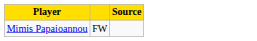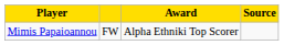 <table class="wikitable">
 <tr>
 <th style="background:#FFDE00">Player</th>
 <th style="background:#FFDE00"></th>
+<th style="background:#FFDE00">Award</th>
 <th style="background:#FFDE00">Source</th>
 </tr>
 <tr>
 <td> <a href='#'>Mimis Papaioannou</a></td>
 <td align="center">FW</td>
+<td align="center">Alpha Ethniki Top Scorer</td>
 <td align="center"></td>
 </tr>
 </table>
